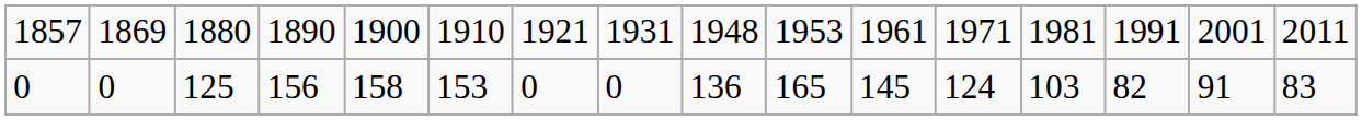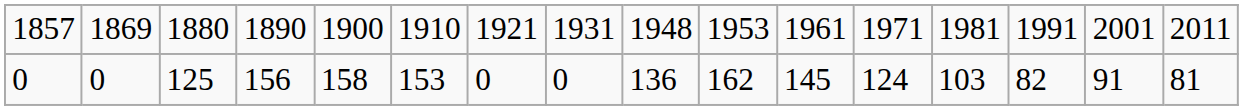 <table class="wikitable">
 <tr>
 <td>1857</td>
 <td>1869</td>
 <td>1880</td>
 <td>1890</td>
 <td>1900</td>
 <td>1910</td>
 <td>1921</td>
 <td>1931</td>
 <td>1948</td>
 <td>1953</td>
 <td>1961</td>
 <td>1971</td>
 <td>1981</td>
 <td>1991</td>
 <td>2001</td>
 <td>2011</td>
 </tr>
 <tr>
 <td>0</td>
 <td>0</td>
 <td>125</td>
 <td>156</td>
 <td>158</td>
 <td>153</td>
 <td>0</td>
 <td>0</td>
 <td>136</td>
-<td>165</td>
+<td>162</td>
 <td>145</td>
 <td>124</td>
 <td>103</td>
 <td>82</td>
 <td>91</td>
-<td>83</td>
+<td>81</td>
 </tr>
 </table>
